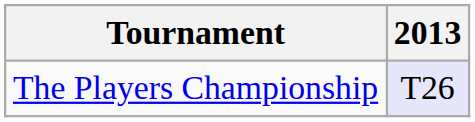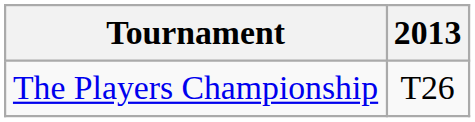 <table class="wikitable" style="font-size:95%;text-align:center;">
 <tr>
 <th>Tournament</th>
 <th>2013</th>
 </tr>
 <tr>
 <td align=left><a href='#'>The Players Championship</a></td>
-<td style="background: lavender;">T26</td>
+<td>T26</td>
 </tr>
 </table>
